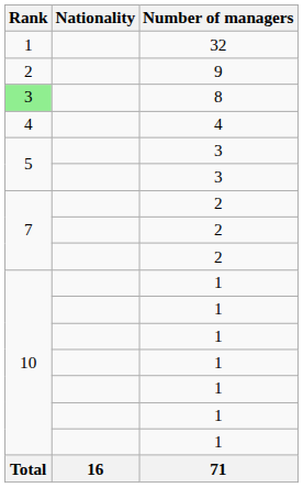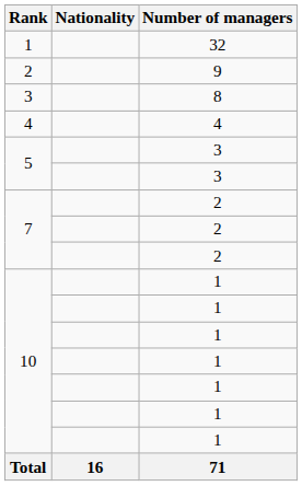 <table class="wikitable sortable" style="text-align:center;">
 <tr>
 <th>Rank</th>
 <th>Nationality</th>
 <th>Number of managers</th>
 </tr>
 <tr>
 <td>1</td>
 <td align="left"></td>
 <td>32</td>
 </tr>
 <tr>
 <td>2</td>
 <td align="left"></td>
 <td>9</td>
 </tr>
 <tr>
-<td style="background: lightgreen;">3</td>
+<td>3</td>
 <td align="left"></td>
 <td>8</td>
 </tr>
 <tr>
 <td>4</td>
 <td align="left"></td>
 <td>4</td>
 </tr>
 <tr>
 <td rowspan="2">5</td>
 <td align="left"></td>
 <td>3</td>
 </tr>
 <tr>
 <td align="left"></td>
 <td>3</td>
 </tr>
 <tr>
 <td rowspan="3">7</td>
 <td align="left"></td>
 <td>2</td>
 </tr>
 <tr>
 <td align="left"></td>
 <td>2</td>
 </tr>
 <tr>
 <td align="left"></td>
 <td>2</td>
 </tr>
 <tr>
 <td rowspan="7">10</td>
 <td align="left"></td>
 <td>1</td>
 </tr>
 <tr>
 <td align="left"></td>
 <td>1</td>
 </tr>
 <tr>
 <td align="left"></td>
 <td>1</td>
 </tr>
 <tr>
 <td align="left"></td>
 <td>1</td>
 </tr>
 <tr>
 <td align="left"></td>
 <td>1</td>
 </tr>
 <tr>
 <td align="left"></td>
 <td>1</td>
 </tr>
 <tr>
 <td align="left"></td>
 <td>1</td>
 </tr>
 <tr class="unsortable">
 <th>Total</th>
 <th>16</th>
 <th>71</th>
 </tr>
 </table>
